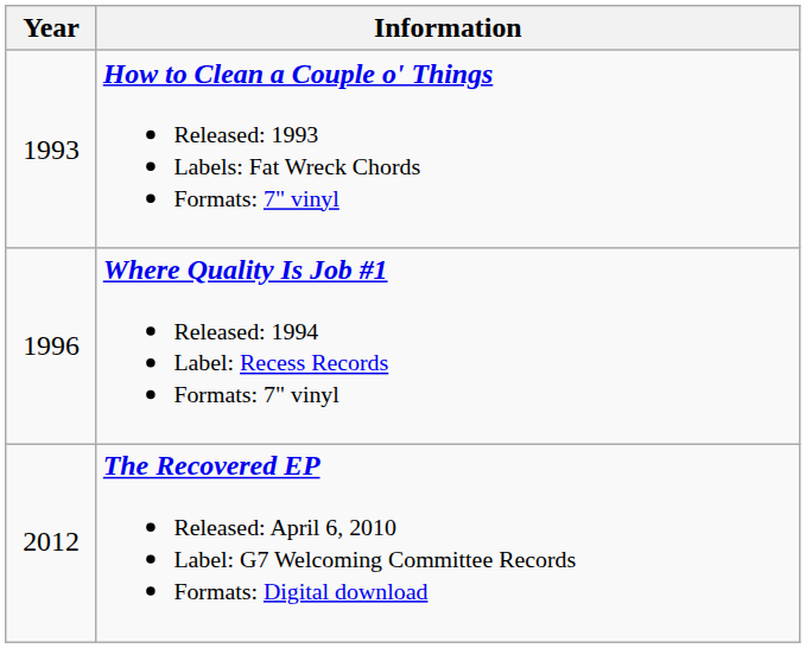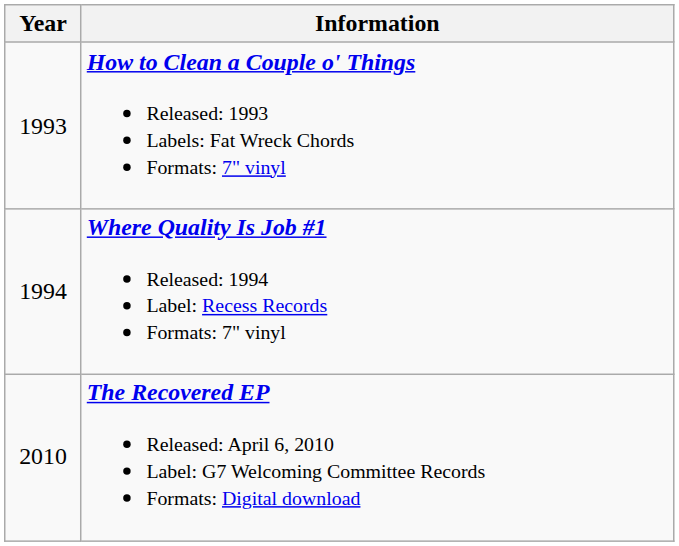 <table class="wikitable">
 <tr>
 <th rowspan="1" width="44">Year</th>
 <th rowspan="1" width="390">Information</th>
 </tr>
 <tr>
 <td align=center width="44">1993</td>
 <td width="390"><strong><em><a href='#'>How to Clean a Couple o' Things</a></em></strong><br><ul><li><small>Released: 1993</small></li><li><small>Labels: Fat Wreck Chords</small></li><li><small>Formats: <a href='#'>7" vinyl</a></small></li></ul></td>
 </tr>
 <tr>
-<td align=center width="44">1996</td>
+<td align=center width="44">1994</td>
 <td width="390"><strong><em><a href='#'>Where Quality Is Job #1</a></em></strong><br><ul><li><small>Released: 1994</small></li><li><small>Label: <a href='#'>Recess Records</a></small></li><li><small>Formats: 7" vinyl</small></li></ul></td>
 </tr>
 <tr>
-<td align=center width="44">2012</td>
+<td align=center width="44">2010</td>
 <td width="390"><strong><em><a href='#'>The Recovered EP</a></em></strong><br><ul><li><small>Released: April 6, 2010</small></li><li><small>Label: G7 Welcoming Committee Records</small></li><li><small>Formats: <a href='#'>Digital download</a></small></li></ul></td>
 </tr>
 </table>
